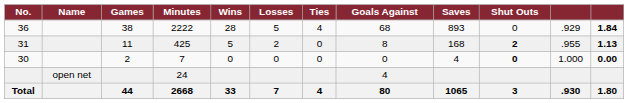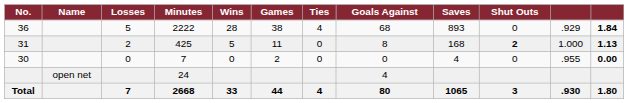 <table class="wikitable sortable" width ="1000">
 <tr align="center">
 <th style="color:white; background:#862633; ">No.</th>
 <th style="color:white; background:#862633; ">Name</th>
-<th style="color:white; background:#862633; ">Games</th>
+<th style="color:white; background:#862633; ">Losses</th>
 <th style="color:white; background:#862633; ">Minutes</th>
 <th style="color:white; background:#862633; ">Wins</th>
-<th style="color:white; background:#862633; ">Losses</th>
+<th style="color:white; background:#862633; ">Games</th>
 <th style="color:white; background:#862633; ">Ties</th>
 <th style="color:white; background:#862633; ">Goals Against</th>
 <th style="color:white; background:#862633; ">Saves</th>
 <th style="color:white; background:#862633; ">Shut Outs</th>
 <th style="color:white; background:#862633; "><a href='#'></a></th>
 <th style="color:white; background:#862633; "><a href='#'></a></th>
 </tr>
 <tr align="center" bgcolor="">
 <td>36</td>
 <td></td>
-<td>38</td>
+<td>5</td>
 <td>2222</td>
 <td>28</td>
-<td>5</td>
+<td>38</td>
 <td>4</td>
 <td>68</td>
 <td>893</td>
 <td>0</td>
 <td>.929</td>
 <td><strong>1.84</strong></td>
 </tr>
 <tr align="center" bgcolor="#f0f0f0">
 <td>31</td>
 <td></td>
-<td>11</td>
+<td>2</td>
 <td>425</td>
 <td>5</td>
-<td>2</td>
+<td>11</td>
 <td>0</td>
 <td>8</td>
 <td>168</td>
 <td><strong>2</strong></td>
-<td>.955</td>
+<td>1.000</td>
 <td><strong>1.13</strong></td>
 </tr>
 <tr align="center" bgcolor="">
 <td>30</td>
 <td></td>
-<td>2</td>
+<td>0</td>
 <td>7</td>
 <td>0</td>
-<td>0</td>
+<td>2</td>
 <td>0</td>
 <td>0</td>
 <td>4</td>
-<td><strong>0</strong></td>
-<td>1.000</td>
+<td>0</td>
+<td>.955</td>
 <td><strong>0.00</strong></td>
 </tr>
 <tr align="center" bgcolor="#f0f0f0">
 <td></td>
 <td>open net</td>
 <td></td>
 <td>24</td>
 <td></td>
 <td></td>
 <td></td>
 <td>4</td>
 <td></td>
 <td></td>
 <td></td>
 <td></td>
 </tr>
 <tr>
 <th>Total</th>
 <th></th>
-<th>44</th>
+<th>7</th>
 <th>2668</th>
 <th>33</th>
-<th>7</th>
+<th>44</th>
 <th>4</th>
 <th>80</th>
 <th>1065</th>
 <th>3</th>
 <th>.930</th>
 <th><strong>1.80</strong></th>
 </tr>
 </table>
